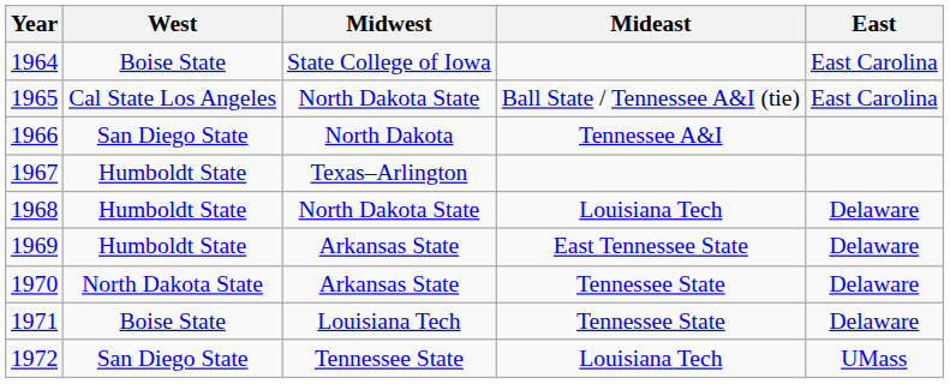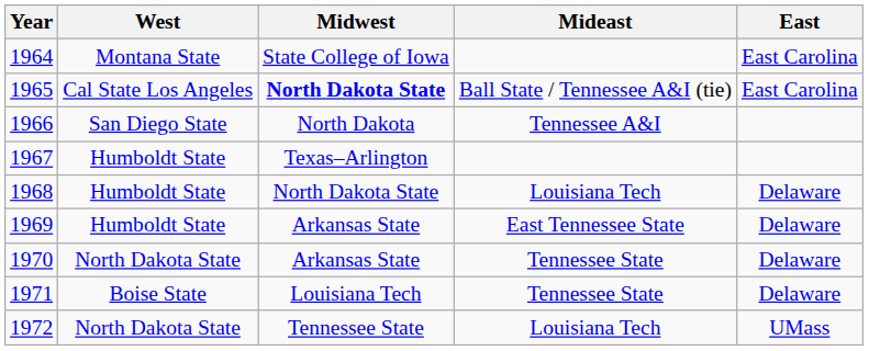 <table class="wikitable sortable" style="text-align:center">
 <tr>
 <th width=px>Year</th>
 <th width=px>West</th>
 <th width=px>Midwest</th>
 <th width=px>Mideast</th>
 <th width=px>East</th>
 </tr>
 <tr>
 <td><a href='#'>1964</a></td>
-<td><a href='#'>Boise State</a></td>
+<td><a href='#'>Montana State</a></td>
 <td><a href='#'>State College of Iowa</a></td>
 <td></td>
 <td><a href='#'>East Carolina</a></td>
 </tr>
 <tr>
 <td><a href='#'>1965</a></td>
 <td><a href='#'>Cal State Los Angeles</a></td>
-<td><a href='#'>North Dakota State</a></td>
+<td><strong><a href='#'>North Dakota State</a></strong></td>
 <td><a href='#'>Ball State</a> / <a href='#'>Tennessee A&I</a> (tie)</td>
 <td><a href='#'>East Carolina</a></td>
 </tr>
 <tr>
 <td><a href='#'>1966</a></td>
 <td><a href='#'>San Diego State</a></td>
 <td><a href='#'>North Dakota</a></td>
 <td><a href='#'>Tennessee A&I</a></td>
 <td></td>
 </tr>
 <tr>
 <td><a href='#'>1967</a></td>
 <td><a href='#'>Humboldt State</a></td>
 <td><a href='#'>Texas–Arlington</a></td>
 <td></td>
 <td></td>
 </tr>
 <tr>
 <td><a href='#'>1968</a></td>
 <td><a href='#'>Humboldt State</a></td>
 <td><a href='#'>North Dakota State</a></td>
 <td><a href='#'>Louisiana Tech</a></td>
 <td><a href='#'>Delaware</a></td>
 </tr>
 <tr>
 <td><a href='#'>1969</a></td>
 <td><a href='#'>Humboldt State</a></td>
 <td><a href='#'>Arkansas State</a></td>
 <td><a href='#'>East Tennessee State</a></td>
 <td><a href='#'>Delaware</a></td>
 </tr>
 <tr>
 <td><a href='#'>1970</a></td>
 <td><a href='#'>North Dakota State</a></td>
 <td><a href='#'>Arkansas State</a></td>
 <td><a href='#'>Tennessee State</a></td>
 <td><a href='#'>Delaware</a></td>
 </tr>
 <tr>
 <td><a href='#'>1971</a></td>
 <td><a href='#'>Boise State</a></td>
 <td><a href='#'>Louisiana Tech</a></td>
 <td><a href='#'>Tennessee State</a></td>
 <td><a href='#'>Delaware</a></td>
 </tr>
 <tr>
 <td><a href='#'>1972</a></td>
-<td><a href='#'>San Diego State</a></td>
+<td><a href='#'>North Dakota State</a></td>
 <td><a href='#'>Tennessee State</a></td>
 <td><a href='#'>Louisiana Tech</a></td>
 <td><a href='#'>UMass</a></td>
 </tr>
 </table>
